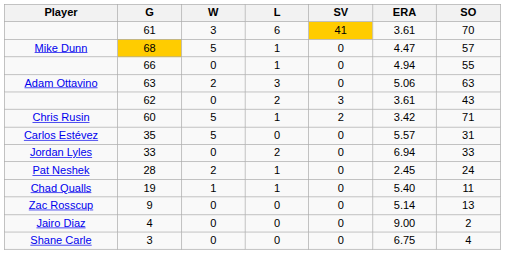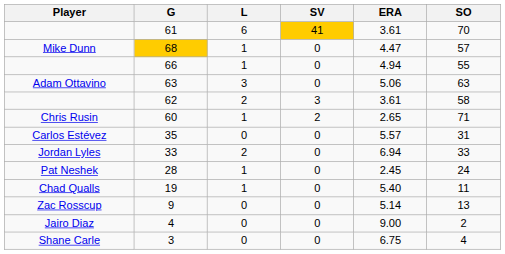 <table class="wikitable sortable">
 <tr>
 <th bgcolor="#DDDDFF" width="16%">Player</th>
 <th bgcolor="#DDDDFF" width="9%">G</th>
-<th bgcolor="#DDDDFF" width="9%">W</th>
 <th bgcolor="#DDDDFF" width="9%">L</th>
 <th bgcolor="#DDDDFF" width="9%">SV</th>
 <th bgcolor="#DDDDFF" width="9%">ERA</th>
 <th bgcolor="#DDDDFF" width="9%">SO</th>
 </tr>
 <tr align="center">
 <td></td>
 <td>61</td>
-<td>3</td>
 <td>6</td>
 <td bgcolor="#FFCC00">41</td>
 <td>3.61</td>
 <td>70</td>
 </tr>
 <tr align="center">
 <td><a href='#'>Mike Dunn</a></td>
 <td bgcolor="#FFCC00">68</td>
-<td>5</td>
 <td>1</td>
 <td>0</td>
 <td>4.47</td>
 <td>57</td>
 </tr>
 <tr align=center>
 <td></td>
 <td>66</td>
-<td>0</td>
 <td>1</td>
 <td>0</td>
 <td>4.94</td>
 <td>55</td>
 </tr>
 <tr align="center">
 <td><a href='#'>Adam Ottavino</a></td>
 <td>63</td>
-<td>2</td>
 <td>3</td>
 <td>0</td>
 <td>5.06</td>
 <td>63</td>
 </tr>
 <tr align=center>
 <td></td>
 <td>62</td>
-<td>0</td>
 <td>2</td>
 <td>3</td>
 <td>3.61</td>
-<td>43</td>
+<td>58</td>
 </tr>
 <tr align="center">
 <td><a href='#'>Chris Rusin</a></td>
 <td>60</td>
-<td>5</td>
 <td>1</td>
 <td>2</td>
-<td>3.42</td>
+<td>2.65</td>
 <td>71</td>
 </tr>
 <tr align=center>
 <td><a href='#'>Carlos Estévez</a></td>
 <td>35</td>
-<td>5</td>
 <td>0</td>
 <td>0</td>
 <td>5.57</td>
 <td>31</td>
 </tr>
 <tr align="center">
 <td><a href='#'>Jordan Lyles</a></td>
 <td>33</td>
-<td>0</td>
 <td>2</td>
 <td>0</td>
 <td>6.94</td>
 <td>33</td>
 </tr>
 <tr align=center>
 <td><a href='#'>Pat Neshek</a></td>
 <td>28</td>
-<td>2</td>
 <td>1</td>
 <td>0</td>
 <td>2.45</td>
 <td>24</td>
 </tr>
 <tr align=center>
 <td><a href='#'>Chad Qualls</a></td>
 <td>19</td>
-<td>1</td>
 <td>1</td>
 <td>0</td>
 <td>5.40</td>
 <td>11</td>
 </tr>
 <tr align=center>
 <td><a href='#'>Zac Rosscup</a></td>
 <td>9</td>
 <td>0</td>
 <td>0</td>
-<td>0</td>
 <td>5.14</td>
 <td>13</td>
 </tr>
 <tr align=center>
 <td><a href='#'>Jairo Diaz</a></td>
 <td>4</td>
-<td>0</td>
 <td>0</td>
 <td>0</td>
 <td>9.00</td>
 <td>2</td>
 </tr>
 <tr align=center>
 <td><a href='#'>Shane Carle</a></td>
 <td>3</td>
 <td>0</td>
 <td>0</td>
-<td>0</td>
 <td>6.75</td>
 <td>4</td>
 </tr>
 </table>
